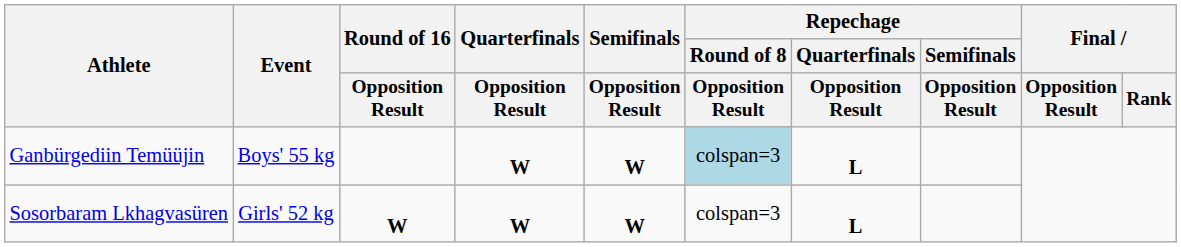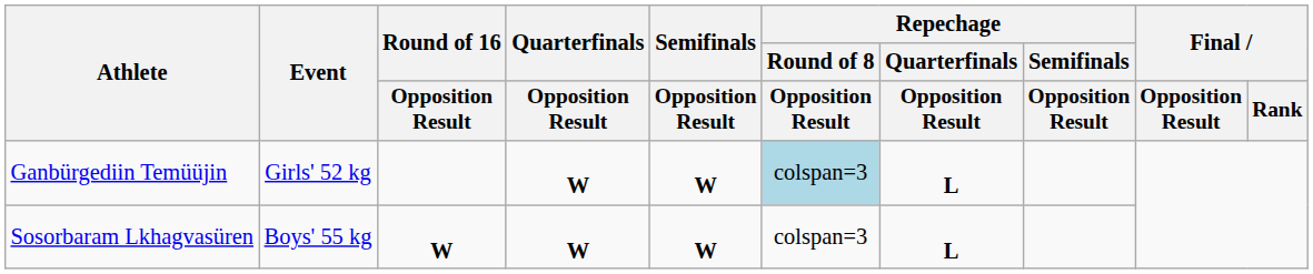 <table class=wikitable style="text-align:center; font-size:90%">
 <tr>
 <th rowspan="3">Athlete</th>
 <th rowspan="3">Event</th>
 <th rowspan="2">Round of 16</th>
 <th rowspan="2">Quarterfinals</th>
 <th rowspan="2">Semifinals</th>
 <th colspan="3">Repechage</th>
 <th rowspan="2" colspan="2">Final / </th>
 </tr>
 <tr>
 <th>Round of 8</th>
 <th>Quarterfinals</th>
 <th>Semifinals</th>
 </tr>
 <tr style="font-size:95%">
 <th>Opposition<br>Result</th>
 <th>Opposition<br>Result</th>
 <th>Opposition<br>Result</th>
 <th>Opposition<br>Result</th>
 <th>Opposition<br>Result</th>
 <th>Opposition<br>Result</th>
 <th>Opposition<br>Result</th>
 <th>Rank</th>
 </tr>
 <tr>
 <td align=left><a href='#'>Ganbürgediin Temüüjin</a></td>
-<td><a href='#'>Boys' 55 kg</a></td>
+<td><a href='#'>Girls' 52 kg</a></td>
 <td></td>
 <td> <br> <strong>W</strong></td>
 <td> <br> <strong>W</strong></td>
 <td style="background: lightblue;">colspan=3 </td>
 <td> <br> <strong>L</strong></td>
 <td></td>
 </tr>
 <tr>
 <td align=left><a href='#'>Sosorbaram Lkhagvasüren</a></td>
-<td><a href='#'>Girls' 52 kg</a></td>
+<td><a href='#'>Boys' 55 kg</a></td>
 <td> <br> <strong>W</strong></td>
 <td> <br> <strong>W</strong></td>
 <td> <br> <strong>W</strong></td>
 <td>colspan=3 </td>
 <td> <br> <strong>L</strong></td>
 <td></td>
 </tr>
 </table>
